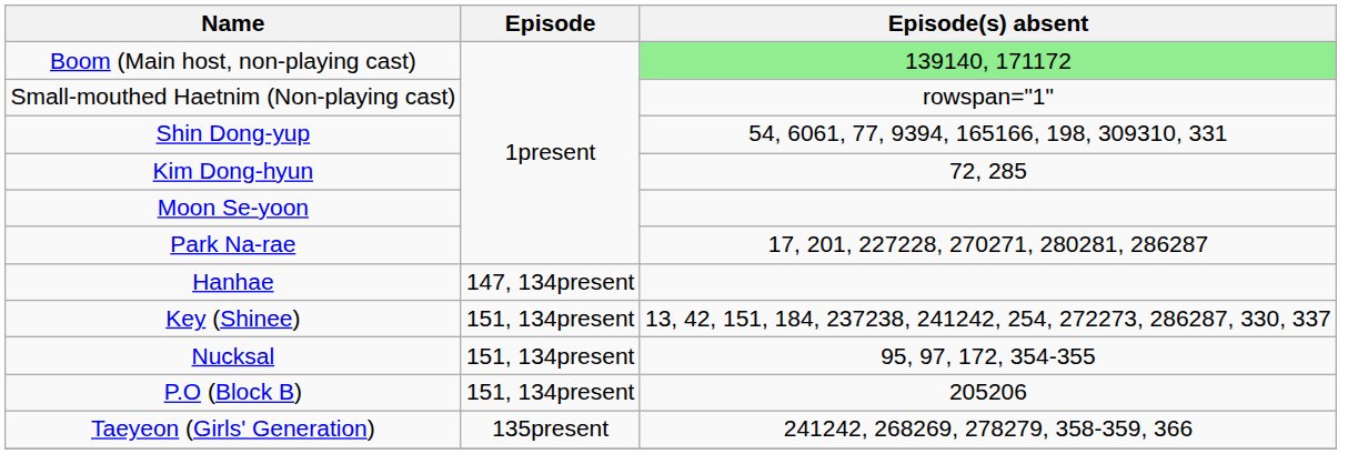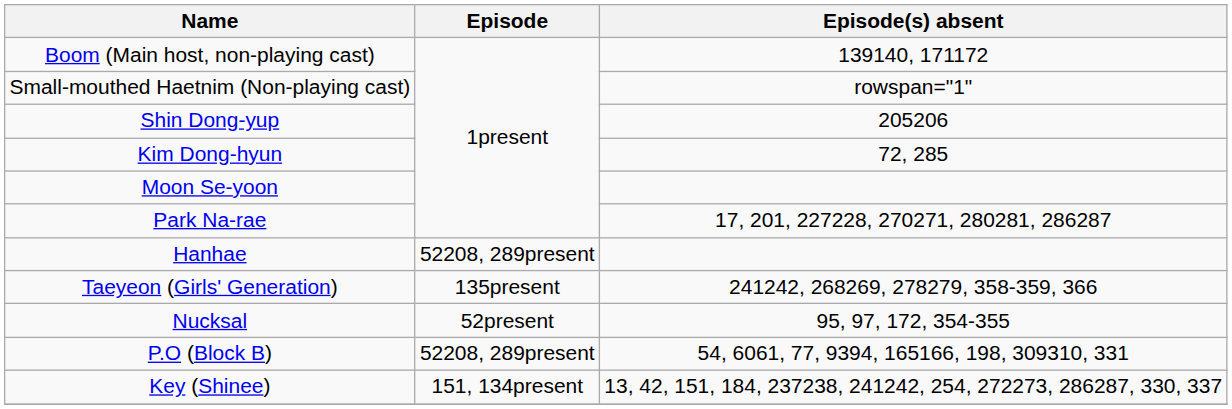 <table class="wikitable" style="text-align:center">
 <tr>
 <th>Name</th>
 <th>Episode</th>
 <th>Episode(s) absent</th>
 </tr>
 <tr>
 <td><a href='#'>Boom</a> (Main host, non-playing cast)</td>
 <td rowspan="6">1present</td>
-<td style="background: lightgreen;">139140, 171172</td>
+<td>139140, 171172</td>
 </tr>
 <tr>
 <td>Small-mouthed Haetnim (Non-playing cast)</td>
 <td>rowspan="1" </td>
 </tr>
 <tr>
 <td><a href='#'>Shin Dong-yup</a></td>
-<td>54, 6061, 77, 9394, 165166, 198, 309310, 331</td>
+<td>205206</td>
 </tr>
 <tr>
 <td><a href='#'>Kim Dong-hyun</a></td>
 <td>72, 285</td>
 </tr>
 <tr>
 <td><a href='#'>Moon Se-yoon</a></td>
 <td></td>
 </tr>
 <tr>
 <td><a href='#'>Park Na-rae</a></td>
 <td>17, 201, 227228, 270271, 280281, 286287</td>
 </tr>
 <tr>
 <td><a href='#'>Hanhae</a></td>
-<td>147, 134present</td>
+<td>52208, 289present</td>
 <td></td>
+</tr>
+<tr>
+<td><a href='#'>Taeyeon</a> (<a href='#'>Girls' Generation</a>)</td>
+<td>135present</td>
+<td>241242, 268269, 278279, 358-359, 366</td>
+</tr>
+<tr>
+<td><a href='#'>Nucksal</a></td>
+<td>52present</td>
+<td>95, 97, 172, 354-355</td>
+</tr>
+<tr>
+<td><a href='#'>P.O</a> (<a href='#'>Block B</a>)</td>
+<td>52208, 289present</td>
+<td>54, 6061, 77, 9394, 165166, 198, 309310, 331</td>
 </tr>
 <tr>
 <td><a href='#'>Key</a> (<a href='#'>Shinee</a>)</td>
 <td>151, 134present</td>
 <td>13, 42, 151, 184, 237238, 241242, 254, 272273, 286287, 330, 337</td>
 </tr>
 <tr>
-<td><a href='#'>Nucksal</a></td>
-<td>151, 134present</td>
-<td>95, 97, 172, 354-355</td>
-</tr>
-<tr>
-<td><a href='#'>P.O</a> (<a href='#'>Block B</a>)</td>
-<td>151, 134present</td>
-<td>205206</td>
-</tr>
-<tr>
-<td><a href='#'>Taeyeon</a> (<a href='#'>Girls' Generation</a>)</td>
-<td>135present</td>
-<td>241242, 268269, 278279, 358-359, 366</td>
-</tr>
-<tr>
 </tr>
 </table>
